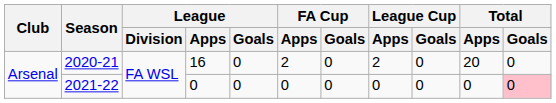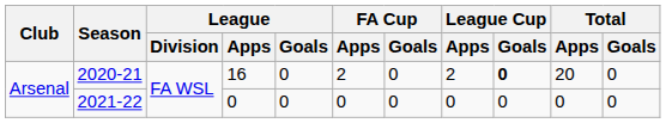 <table class="wikitable">
 <tr>
 <th rowspan="2">Club</th>
 <th rowspan="2">Season</th>
 <th colspan="3">League</th>
 <th colspan="2">FA Cup</th>
 <th colspan="2">League Cup</th>
 <th colspan="2">Total</th>
 </tr>
 <tr>
 <th>Division</th>
 <th>Apps</th>
 <th>Goals</th>
 <th>Apps</th>
 <th>Goals</th>
 <th>Apps</th>
 <th>Goals</th>
 <th>Apps</th>
 <th>Goals</th>
 </tr>
 <tr>
 <td rowspan=2><a href='#'>Arsenal</a></td>
 <td><a href='#'>2020-21</a></td>
 <td rowspan=2><a href='#'>FA WSL</a></td>
 <td>16</td>
 <td>0</td>
 <td>2</td>
 <td>0</td>
 <td>2</td>
-<td>0</td>
+<td><strong>0</strong></td>
 <td>20</td>
 <td>0</td>
 </tr>
 <tr>
 <td><a href='#'>2021-22</a></td>
 <td>0</td>
 <td>0</td>
 <td>0</td>
 <td>0</td>
 <td>0</td>
 <td>0</td>
 <td>0</td>
-<td style="background: pink;">0</td>
+<td>0</td>
 </tr>
 </table>
